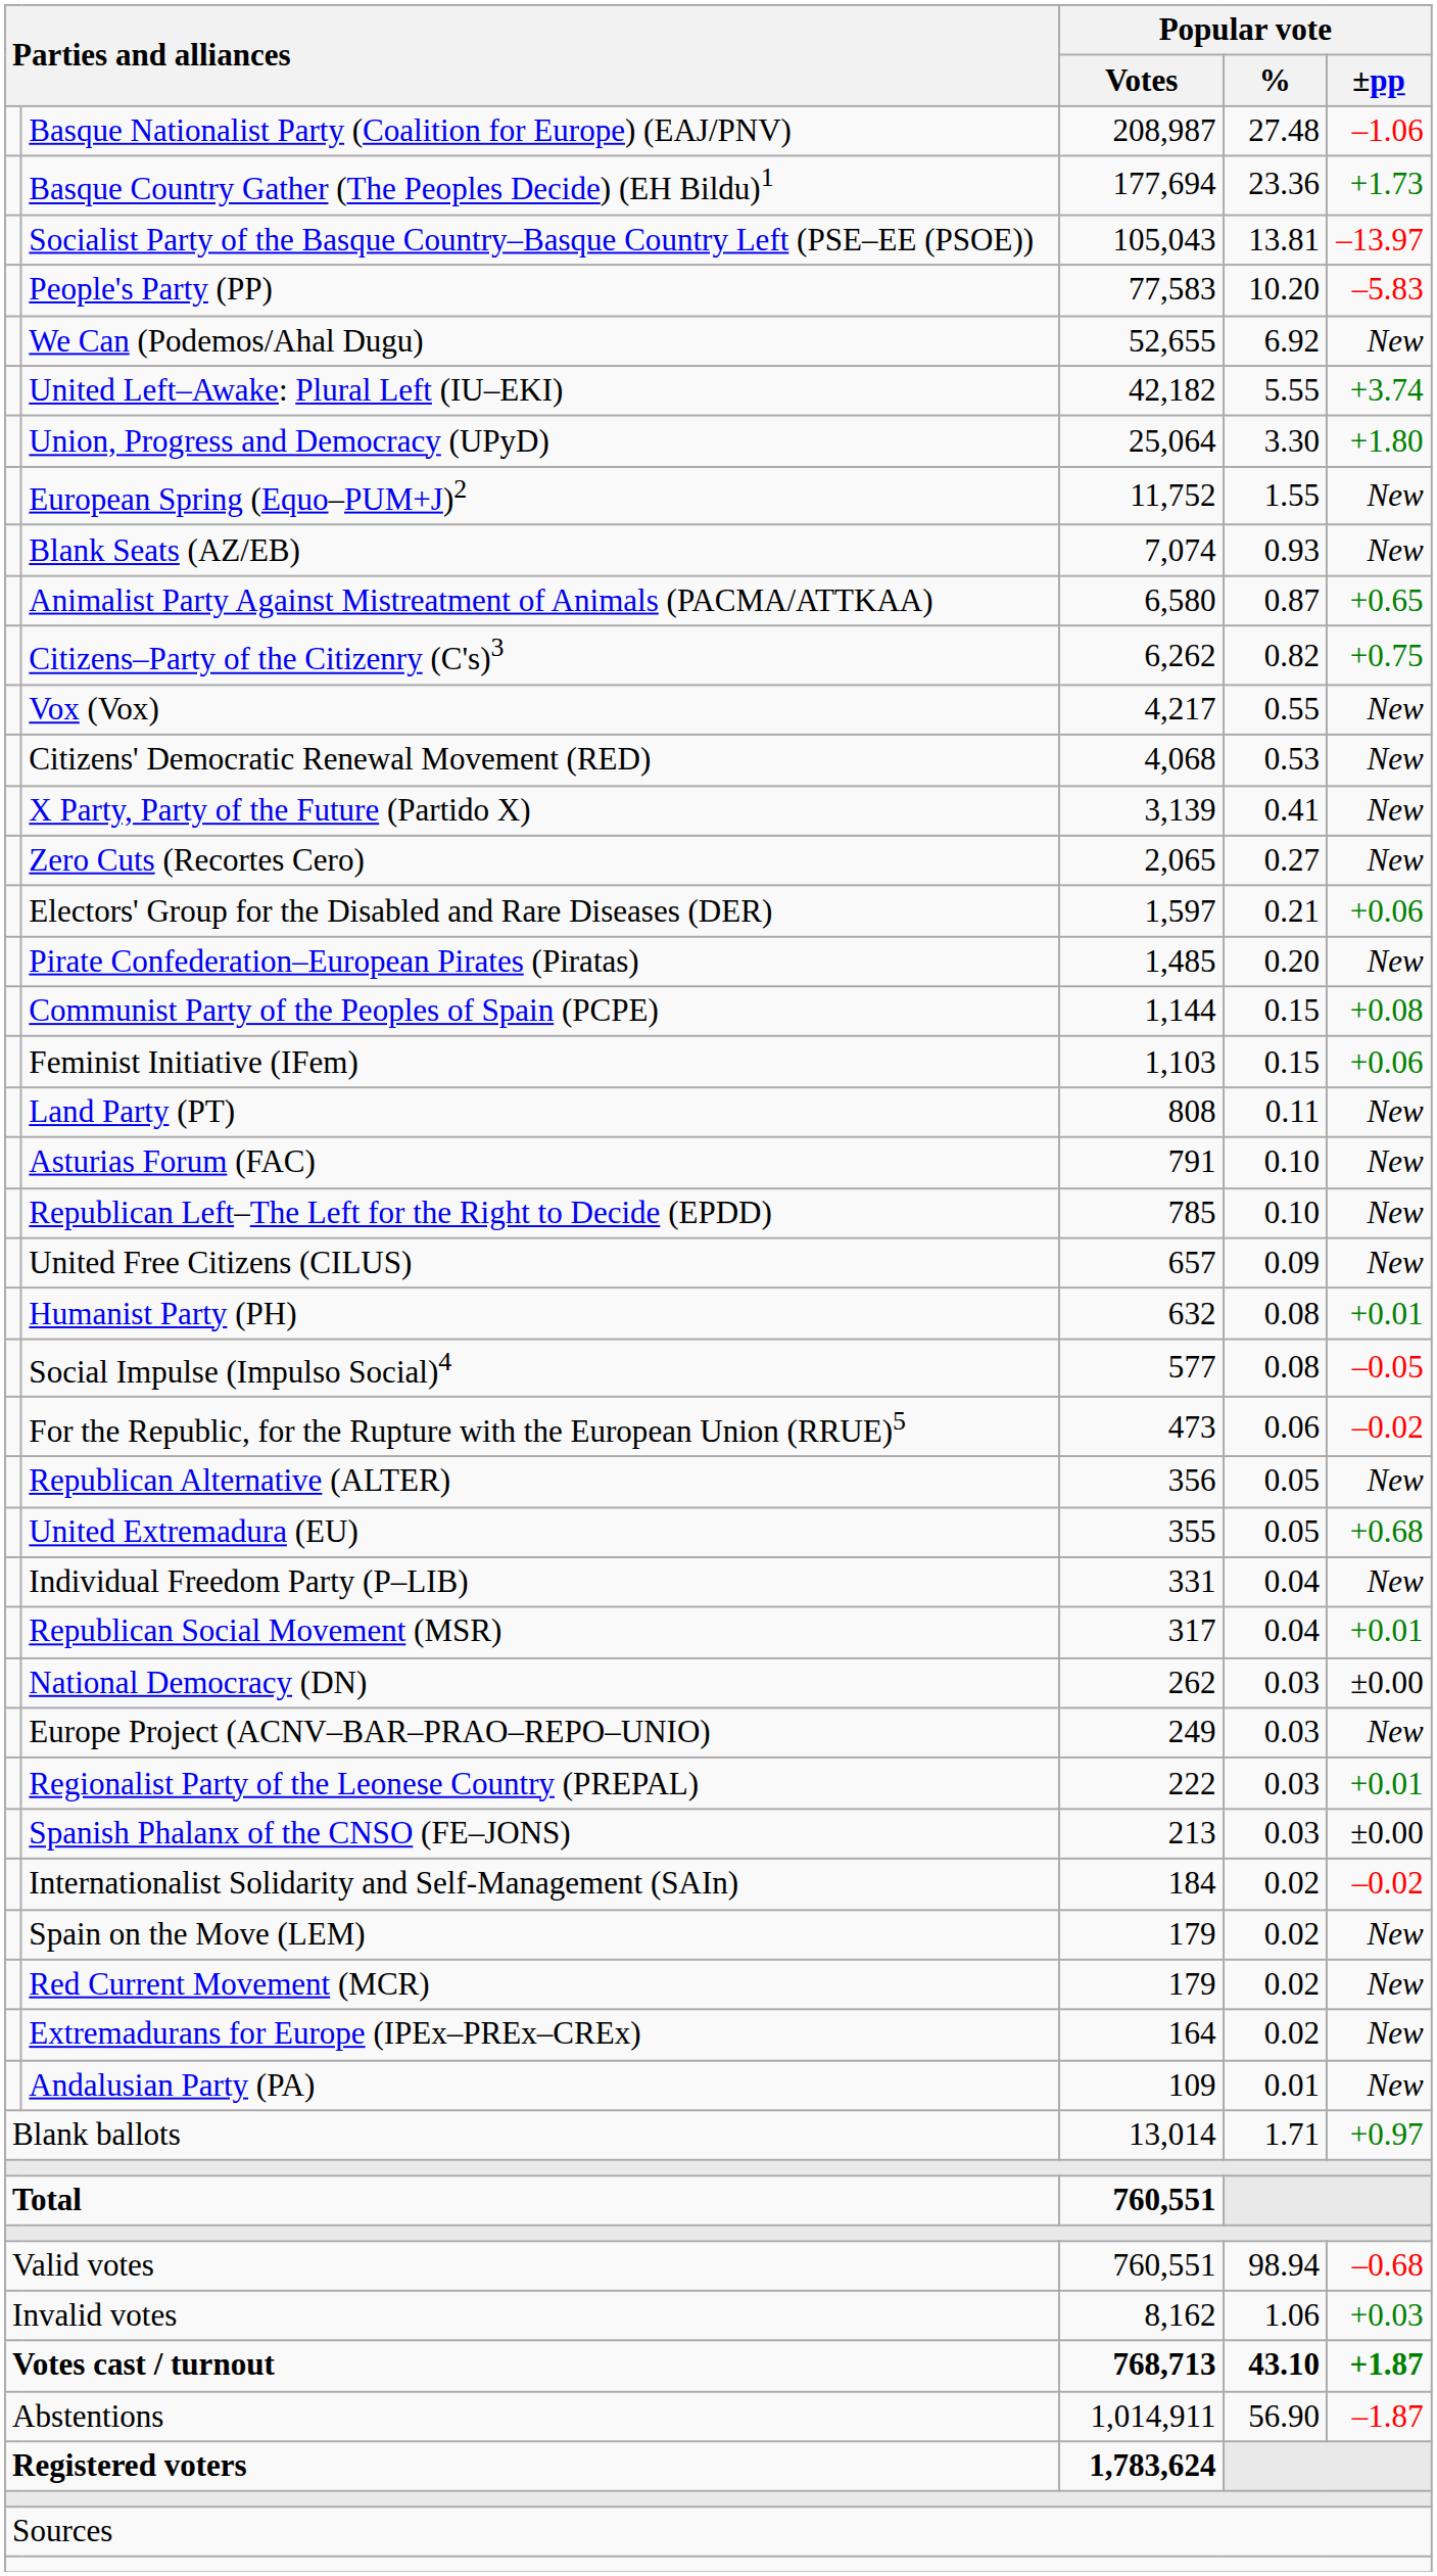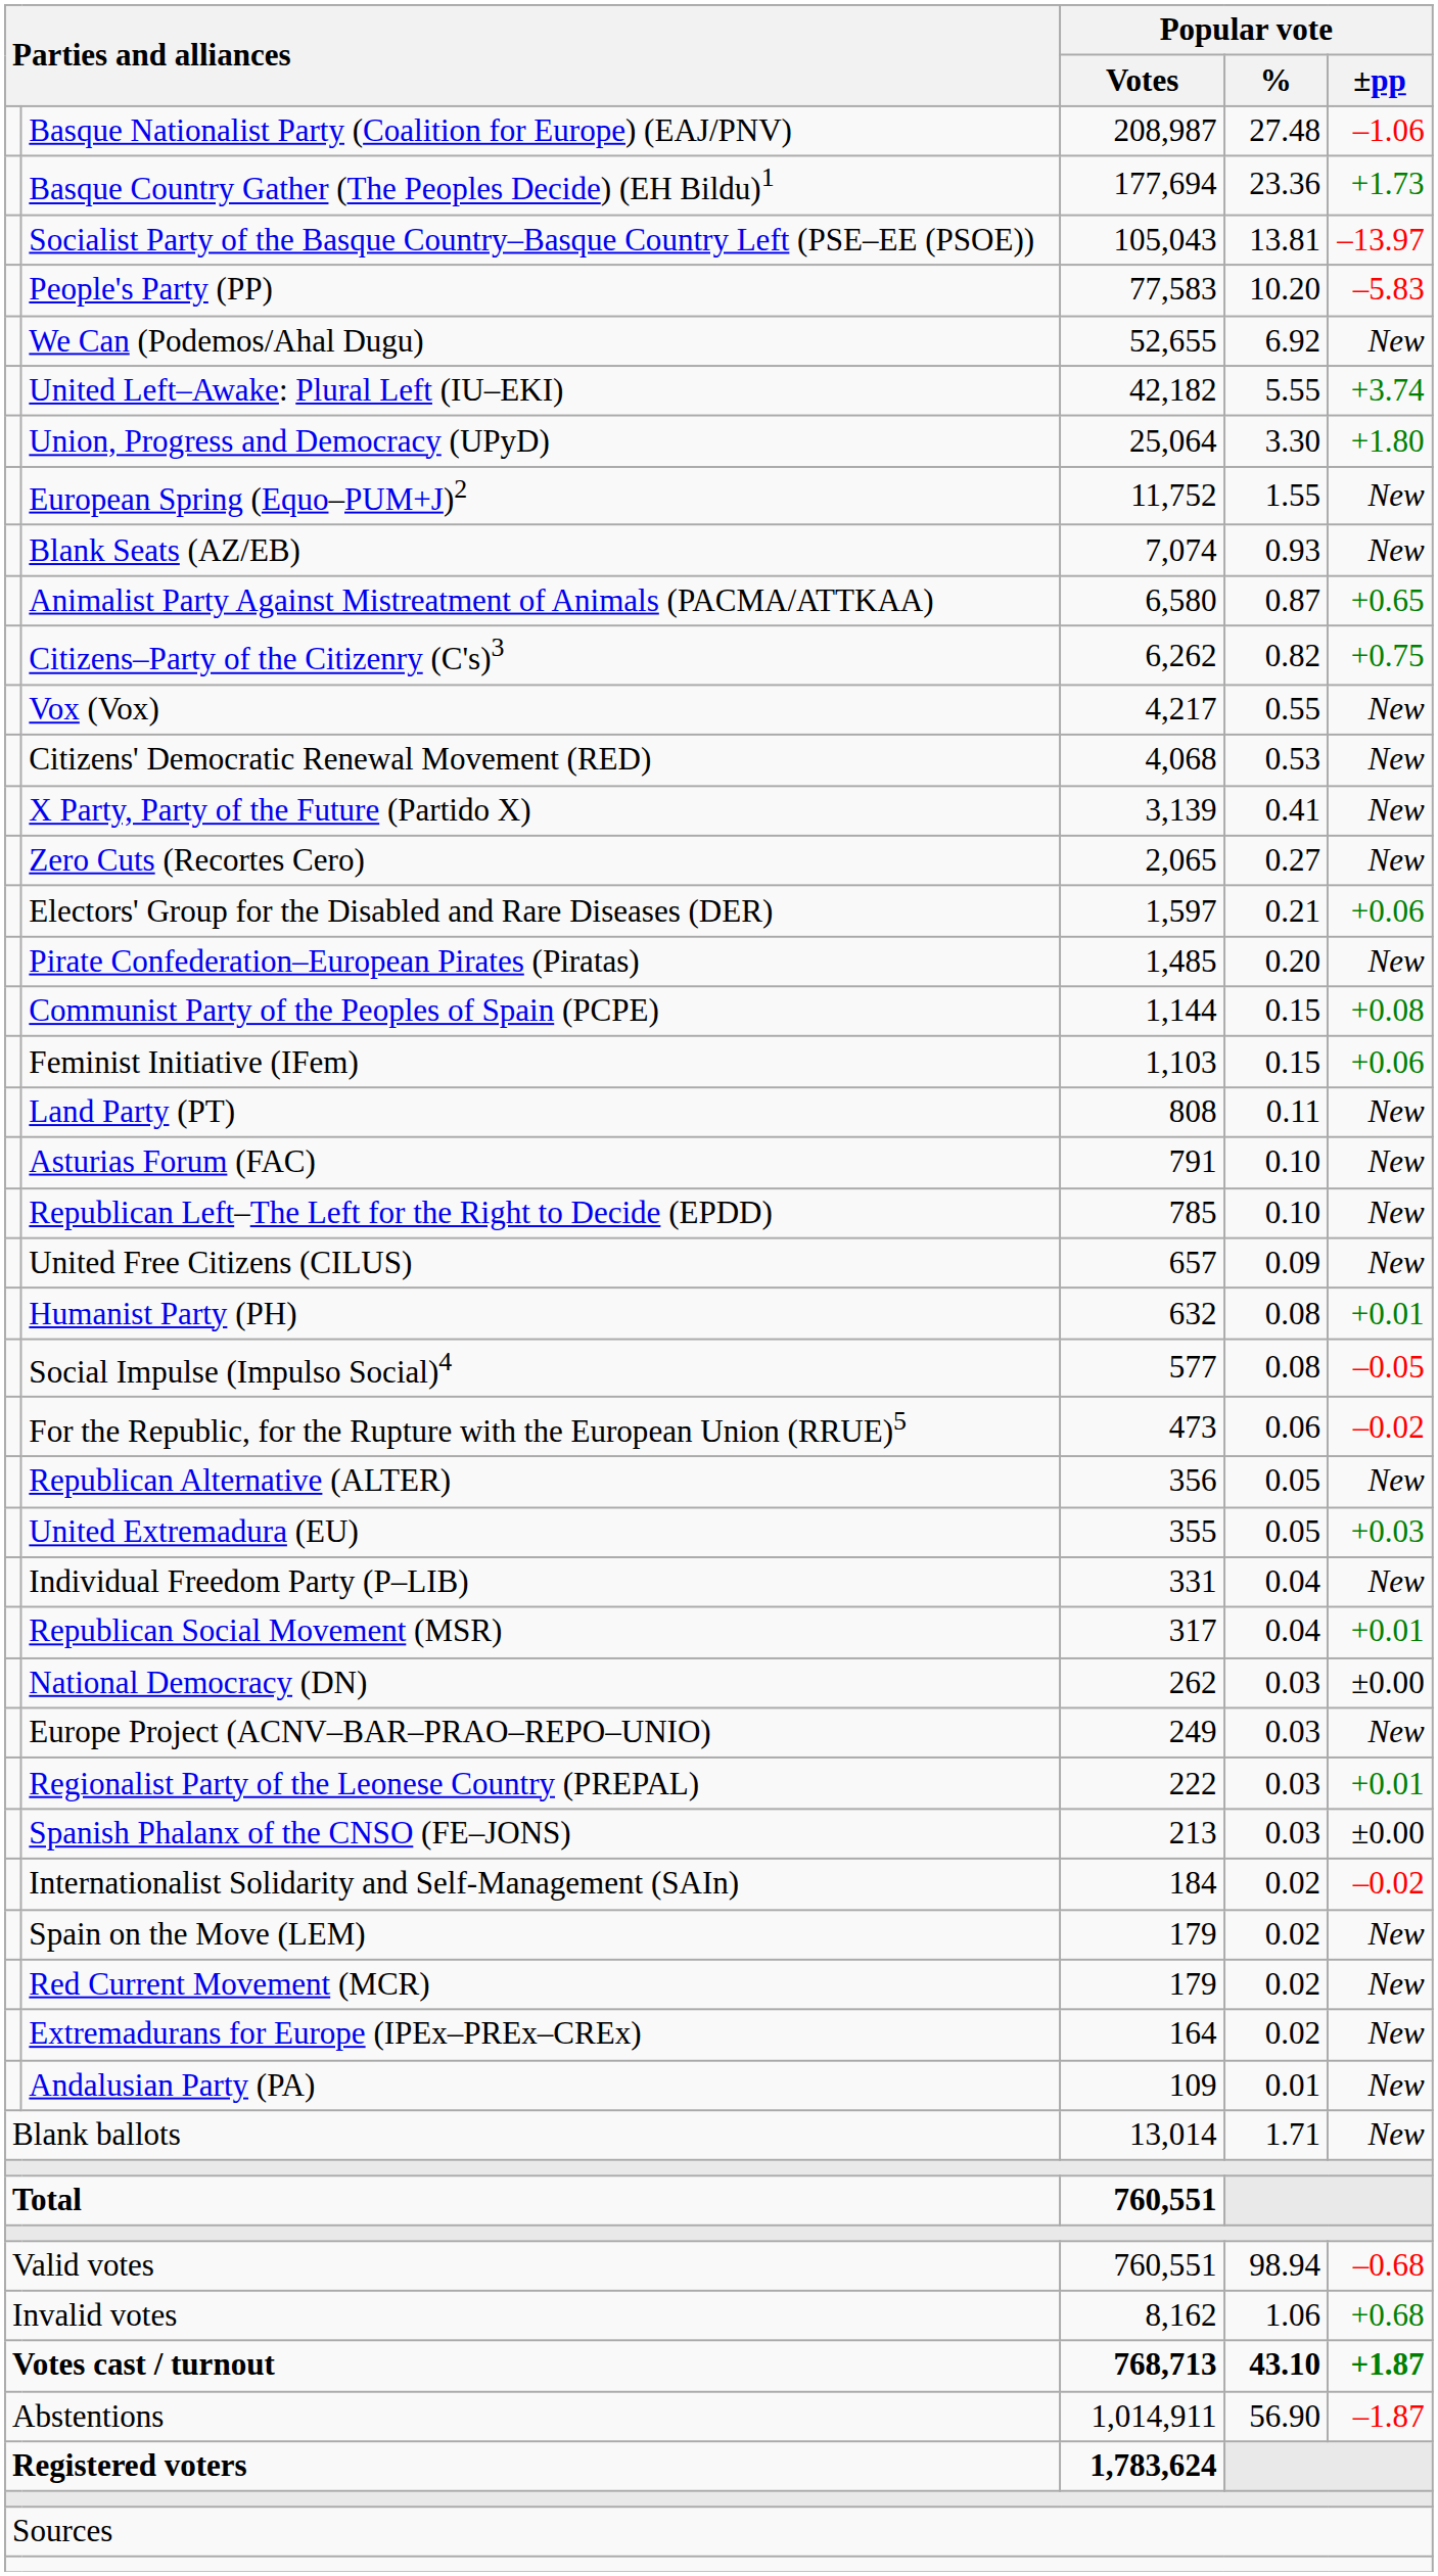 <table class="wikitable" style="text-align:right">
 <tr>
 <th style="text-align:left;" rowspan="2" colspan="2" width="525">Parties and alliances</th>
 <th colspan="3">Popular vote</th>
 </tr>
 <tr>
 <th width="75">Votes</th>
 <th width="45">%</th>
 <th width="45">±<a href='#'>pp</a></th>
 </tr>
 <tr>
 <td width="1" style="color:inherit;background:"></td>
 <td align="left"><a href='#'>Basque Nationalist Party</a> (<a href='#'>Coalition for Europe</a>) (EAJ/PNV)</td>
 <td>208,987</td>
 <td>27.48</td>
 <td style="color:red;">–1.06</td>
 </tr>
 <tr>
 <td style="color:inherit;background:"></td>
 <td align="left"><a href='#'>Basque Country Gather</a> (<a href='#'>The Peoples Decide</a>) (EH Bildu)<sup>1</sup></td>
 <td>177,694</td>
 <td>23.36</td>
 <td style="color:green;">+1.73</td>
 </tr>
 <tr>
 <td style="color:inherit;background:"></td>
 <td align="left"><a href='#'>Socialist Party of the Basque Country–Basque Country Left</a> (PSE–EE (PSOE))</td>
 <td>105,043</td>
 <td>13.81</td>
 <td style="color:red;">–13.97</td>
 </tr>
 <tr>
 <td style="color:inherit;background:"></td>
 <td align="left"><a href='#'>People's Party</a> (PP)</td>
 <td>77,583</td>
 <td>10.20</td>
 <td style="color:red;">–5.83</td>
 </tr>
 <tr>
 <td style="color:inherit;background:"></td>
 <td align="left"><a href='#'>We Can</a> (Podemos/Ahal Dugu)</td>
 <td>52,655</td>
 <td>6.92</td>
 <td><em>New</em></td>
 </tr>
 <tr>
 <td style="color:inherit;background:"></td>
 <td align="left"><a href='#'>United Left–Awake</a>: <a href='#'>Plural Left</a> (IU–EKI)</td>
 <td>42,182</td>
 <td>5.55</td>
 <td style="color:green;">+3.74</td>
 </tr>
 <tr>
 <td style="color:inherit;background:"></td>
 <td align="left"><a href='#'>Union, Progress and Democracy</a> (UPyD)</td>
 <td>25,064</td>
 <td>3.30</td>
 <td style="color:green;">+1.80</td>
 </tr>
 <tr>
 <td style="color:inherit;background:"></td>
 <td align="left"><a href='#'>European Spring</a> (<a href='#'>Equo</a>–<a href='#'>PUM+J</a>)<sup>2</sup></td>
 <td>11,752</td>
 <td>1.55</td>
 <td><em>New</em></td>
 </tr>
 <tr>
 <td style="color:inherit;background:"></td>
 <td align="left"><a href='#'>Blank Seats</a> (AZ/EB)</td>
 <td>7,074</td>
 <td>0.93</td>
 <td><em>New</em></td>
 </tr>
 <tr>
 <td style="color:inherit;background:"></td>
 <td align="left"><a href='#'>Animalist Party Against Mistreatment of Animals</a> (PACMA/ATTKAA)</td>
 <td>6,580</td>
 <td>0.87</td>
 <td style="color:green;">+0.65</td>
 </tr>
 <tr>
 <td style="color:inherit;background:"></td>
 <td align="left"><a href='#'>Citizens–Party of the Citizenry</a> (C's)<sup>3</sup></td>
 <td>6,262</td>
 <td>0.82</td>
 <td style="color:green;">+0.75</td>
 </tr>
 <tr>
 <td style="color:inherit;background:"></td>
 <td align="left"><a href='#'>Vox</a> (Vox)</td>
 <td>4,217</td>
 <td>0.55</td>
 <td><em>New</em></td>
 </tr>
 <tr>
 <td style="color:inherit;background:"></td>
 <td align="left">Citizens' Democratic Renewal Movement (RED)</td>
 <td>4,068</td>
 <td>0.53</td>
 <td><em>New</em></td>
 </tr>
 <tr>
 <td style="color:inherit;background:"></td>
 <td align="left"><a href='#'>X Party, Party of the Future</a> (Partido X)</td>
 <td>3,139</td>
 <td>0.41</td>
 <td><em>New</em></td>
 </tr>
 <tr>
 <td style="color:inherit;background:"></td>
 <td align="left"><a href='#'>Zero Cuts</a> (Recortes Cero)</td>
 <td>2,065</td>
 <td>0.27</td>
 <td><em>New</em></td>
 </tr>
 <tr>
 <td style="color:inherit;background:"></td>
 <td align="left">Electors' Group for the Disabled and Rare Diseases (DER)</td>
 <td>1,597</td>
 <td>0.21</td>
 <td style="color:green;">+0.06</td>
 </tr>
 <tr>
 <td style="color:inherit;background:"></td>
 <td align="left"><a href='#'>Pirate Confederation–European Pirates</a> (Piratas)</td>
 <td>1,485</td>
 <td>0.20</td>
 <td><em>New</em></td>
 </tr>
 <tr>
 <td style="color:inherit;background:"></td>
 <td align="left"><a href='#'>Communist Party of the Peoples of Spain</a> (PCPE)</td>
 <td>1,144</td>
 <td>0.15</td>
 <td style="color:green;">+0.08</td>
 </tr>
 <tr>
 <td style="color:inherit;background:"></td>
 <td align="left">Feminist Initiative (IFem)</td>
 <td>1,103</td>
 <td>0.15</td>
 <td style="color:green;">+0.06</td>
 </tr>
 <tr>
 <td style="color:inherit;background:"></td>
 <td align="left"><a href='#'>Land Party</a> (PT)</td>
 <td>808</td>
 <td>0.11</td>
 <td><em>New</em></td>
 </tr>
 <tr>
 <td style="color:inherit;background:"></td>
 <td align="left"><a href='#'>Asturias Forum</a> (FAC)</td>
 <td>791</td>
 <td>0.10</td>
 <td><em>New</em></td>
 </tr>
 <tr>
 <td style="color:inherit;background:"></td>
 <td align="left"><a href='#'>Republican Left</a>–<a href='#'>The Left for the Right to Decide</a> (EPDD)</td>
 <td>785</td>
 <td>0.10</td>
 <td><em>New</em></td>
 </tr>
 <tr>
 <td style="color:inherit;background:"></td>
 <td align="left">United Free Citizens (CILUS)</td>
 <td>657</td>
 <td>0.09</td>
 <td><em>New</em></td>
 </tr>
 <tr>
 <td style="color:inherit;background:"></td>
 <td align="left"><a href='#'>Humanist Party</a> (PH)</td>
 <td>632</td>
 <td>0.08</td>
 <td style="color:green;">+0.01</td>
 </tr>
 <tr>
 <td style="color:inherit;background:"></td>
 <td align="left">Social Impulse (Impulso Social)<sup>4</sup></td>
 <td>577</td>
 <td>0.08</td>
 <td style="color:red;">–0.05</td>
 </tr>
 <tr>
 <td style="color:inherit;background:"></td>
 <td align="left">For the Republic, for the Rupture with the European Union (RRUE)<sup>5</sup></td>
 <td>473</td>
 <td>0.06</td>
 <td style="color:red;">–0.02</td>
 </tr>
 <tr>
 <td style="color:inherit;background:"></td>
 <td align="left"><a href='#'>Republican Alternative</a> (ALTER)</td>
 <td>356</td>
 <td>0.05</td>
 <td><em>New</em></td>
 </tr>
 <tr>
 <td style="color:inherit;background:"></td>
 <td align="left"><a href='#'>United Extremadura</a> (EU)</td>
 <td>355</td>
 <td>0.05</td>
-<td style="color:green;">+0.68</td>
+<td style="color:green;">+0.03</td>
 </tr>
 <tr>
 <td style="color:inherit;background:"></td>
 <td align="left">Individual Freedom Party (P–LIB)</td>
 <td>331</td>
 <td>0.04</td>
 <td><em>New</em></td>
 </tr>
 <tr>
 <td style="color:inherit;background:"></td>
 <td align="left"><a href='#'>Republican Social Movement</a> (MSR)</td>
 <td>317</td>
 <td>0.04</td>
 <td style="color:green;">+0.01</td>
 </tr>
 <tr>
 <td style="color:inherit;background:"></td>
 <td align="left"><a href='#'>National Democracy</a> (DN)</td>
 <td>262</td>
 <td>0.03</td>
 <td>±0.00</td>
 </tr>
 <tr>
 <td style="color:inherit;background:"></td>
 <td align="left">Europe Project (ACNV–BAR–PRAO–REPO–UNIO)</td>
 <td>249</td>
 <td>0.03</td>
 <td><em>New</em></td>
 </tr>
 <tr>
 <td style="color:inherit;background:"></td>
 <td align="left"><a href='#'>Regionalist Party of the Leonese Country</a> (PREPAL)</td>
 <td>222</td>
 <td>0.03</td>
 <td style="color:green;">+0.01</td>
 </tr>
 <tr>
 <td style="color:inherit;background:"></td>
 <td align="left"><a href='#'>Spanish Phalanx of the CNSO</a> (FE–JONS)</td>
 <td>213</td>
 <td>0.03</td>
 <td>±0.00</td>
 </tr>
 <tr>
 <td style="color:inherit;background:"></td>
 <td align="left">Internationalist Solidarity and Self-Management (SAIn)</td>
 <td>184</td>
 <td>0.02</td>
 <td style="color:red;">–0.02</td>
 </tr>
 <tr>
 <td style="color:inherit;background:"></td>
 <td align="left">Spain on the Move (LEM)</td>
 <td>179</td>
 <td>0.02</td>
 <td><em>New</em></td>
 </tr>
 <tr>
 <td style="color:inherit;background:"></td>
 <td align="left"><a href='#'>Red Current Movement</a> (MCR)</td>
 <td>179</td>
 <td>0.02</td>
 <td><em>New</em></td>
 </tr>
 <tr>
 <td style="color:inherit;background:"></td>
 <td align="left"><a href='#'>Extremadurans for Europe</a> (IPEx–PREx–CREx)</td>
 <td>164</td>
 <td>0.02</td>
 <td><em>New</em></td>
 </tr>
 <tr>
 <td style="color:inherit;background:"></td>
 <td align="left"><a href='#'>Andalusian Party</a> (PA)</td>
 <td>109</td>
 <td>0.01</td>
 <td><em>New</em></td>
 </tr>
 <tr>
 <td align="left" colspan="2">Blank ballots</td>
 <td>13,014</td>
 <td>1.71</td>
-<td style="color:green;">+0.97</td>
+<td><em>New</em></td>
 </tr>
 <tr>
 <td colspan="5" bgcolor="#E9E9E9"></td>
 </tr>
 <tr style="font-weight:bold;">
 <td align="left" colspan="2">Total</td>
 <td>760,551</td>
 <td bgcolor="#E9E9E9" colspan="2"></td>
 </tr>
 <tr>
 <td colspan="5" bgcolor="#E9E9E9"></td>
 </tr>
 <tr>
 <td align="left" colspan="2">Valid votes</td>
 <td>760,551</td>
 <td>98.94</td>
 <td style="color:red;">–0.68</td>
 </tr>
 <tr>
 <td align="left" colspan="2">Invalid votes</td>
 <td>8,162</td>
 <td>1.06</td>
-<td style="color:green;">+0.03</td>
+<td style="color:green;">+0.68</td>
 </tr>
 <tr style="font-weight:bold;">
 <td align="left" colspan="2">Votes cast / turnout</td>
 <td>768,713</td>
 <td>43.10</td>
 <td style="color:green;">+1.87</td>
 </tr>
 <tr>
 <td align="left" colspan="2">Abstentions</td>
 <td>1,014,911</td>
 <td>56.90</td>
 <td style="color:red;">–1.87</td>
 </tr>
 <tr style="font-weight:bold;">
 <td align="left" colspan="2">Registered voters</td>
 <td>1,783,624</td>
 <td bgcolor="#E9E9E9" colspan="2"></td>
 </tr>
 <tr>
 <td colspan="5" bgcolor="#E9E9E9"></td>
 </tr>
 <tr>
 <td align="left" colspan="5">Sources</td>
 </tr>
 <tr>
 <td colspan="5" style="text-align:left; max-width:680px;"></td>
 </tr>
 </table>
